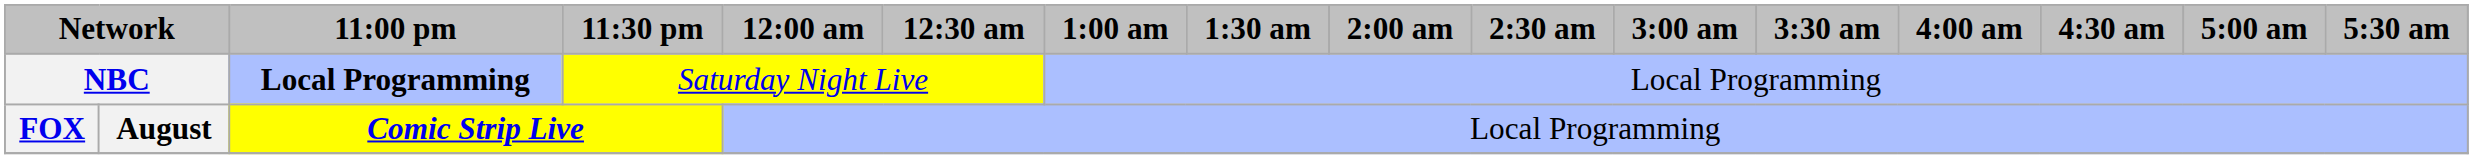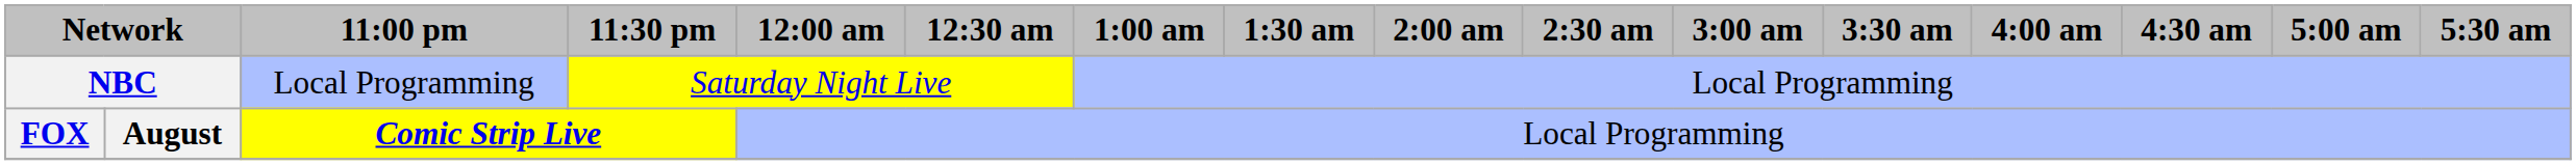 <table class="wikitable" style="width:100%;margin-right:0;text-align:center">
 <tr>
 <th style="background-color:#C0C0C0;text-align:center" colspan="2">Network</th>
 <th style="background-color:#C0C0C0;text-align:center">11:00 pm</th>
 <th style="background-color:#C0C0C0;text-align:center">11:30 pm</th>
 <th style="background-color:#C0C0C0;text-align:center">12:00 am</th>
 <th style="background-color:#C0C0C0;text-align:center">12:30 am</th>
 <th style="background-color:#C0C0C0;text-align:center">1:00 am</th>
 <th style="background-color:#C0C0C0;text-align:center">1:30 am</th>
 <th style="background-color:#C0C0C0;text-align:center">2:00 am</th>
 <th style="background-color:#C0C0C0;text-align:center">2:30 am</th>
 <th style="background-color:#C0C0C0;text-align:center">3:00 am</th>
 <th style="background-color:#C0C0C0;text-align:center">3:30 am</th>
 <th style="background-color:#C0C0C0;text-align:center">4:00 am</th>
 <th style="background-color:#C0C0C0;text-align:center">4:30 am</th>
 <th style="background-color:#C0C0C0;text-align:center">5:00 am</th>
 <th style="background-color:#C0C0C0;text-align:center">5:30 am</th>
 </tr>
 <tr>
 <th colspan="2"><a href='#'>NBC</a></th>
-<td style="background:#abbfff"><strong>Local Programming</strong></td>
+<td style="background:#abbfff">Local Programming</td>
 <td colspan="3" style="background:yellow"><em><a href='#'>Saturday Night Live</a></em></td>
 <td colspan="10" style="background:#abbfff">Local Programming</td>
 </tr>
 <tr>
 <th colspan="1"><a href='#'>FOX</a></th>
 <th>August</th>
 <td colspan="2" style="background:yellow"><strong><em><a href='#'>Comic Strip Live</a></em></strong></td>
 <td colspan="12" style="background:#abbfff">Local Programming</td>
 </tr>
 <tr>
 </tr>
 </table>
